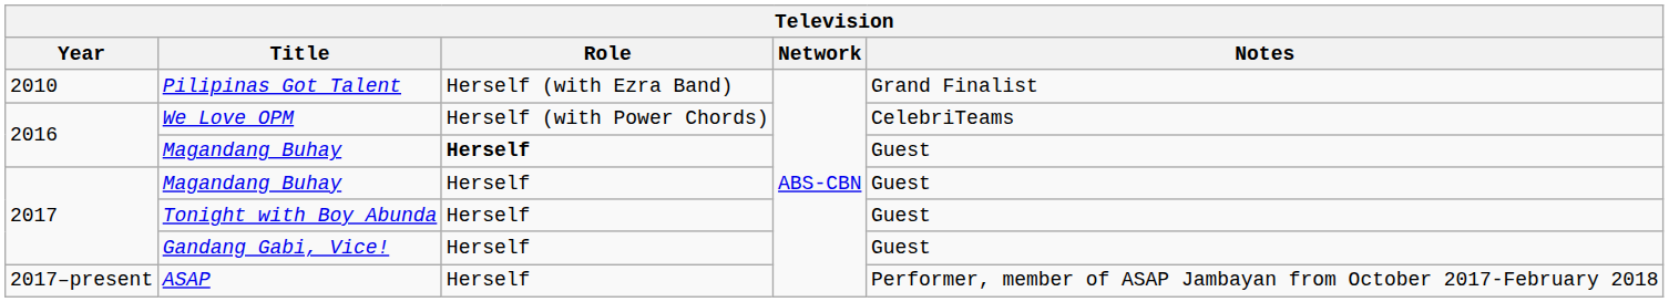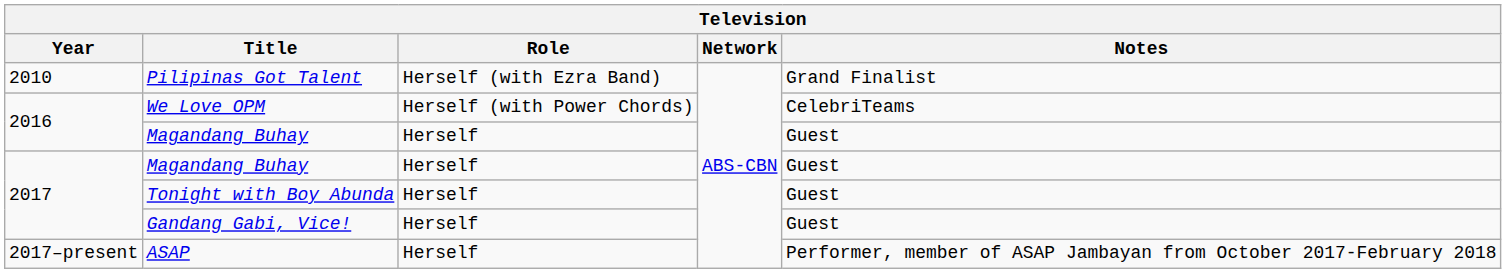 <table class="wikitable">
 <tr>
 <th colspan=5>Television</th>
 </tr>
 <tr>
 <th>Year</th>
 <th>Title</th>
 <th>Role</th>
 <th>Network</th>
 <th>Notes</th>
 </tr>
 <tr>
 <td>2010</td>
 <td><em><a href='#'>Pilipinas Got Talent</a></em></td>
 <td>Herself (with Ezra Band)</td>
 <td rowspan=7><a href='#'>ABS-CBN</a></td>
 <td>Grand Finalist</td>
 </tr>
 <tr>
 <td rowspan=2>2016</td>
 <td><em><a href='#'>We Love OPM</a></em></td>
 <td>Herself (with Power Chords)</td>
 <td>CelebriTeams</td>
 </tr>
 <tr>
 <td><em><a href='#'>Magandang Buhay</a></em></td>
-<td><strong>Herself</strong></td>
+<td>Herself</td>
 <td>Guest</td>
 </tr>
 <tr>
 <td rowspan=3>2017</td>
 <td><em><a href='#'>Magandang Buhay</a></em></td>
 <td>Herself</td>
 <td>Guest</td>
 </tr>
 <tr>
 <td><em><a href='#'>Tonight with Boy Abunda</a></em></td>
 <td>Herself</td>
 <td>Guest</td>
 </tr>
 <tr>
 <td><em><a href='#'>Gandang Gabi, Vice!</a></em></td>
 <td>Herself</td>
 <td>Guest</td>
 </tr>
 <tr>
 <td>2017–present</td>
 <td><em><a href='#'>ASAP</a></em></td>
 <td>Herself</td>
 <td>Performer, member of ASAP Jambayan from October 2017-February 2018</td>
 </tr>
 </table>
